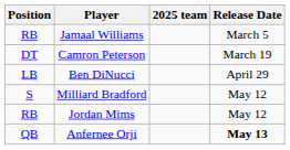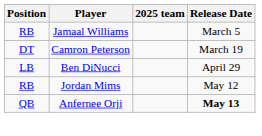 <table class="wikitable" style="text-align:center">
 <tr>
 <th>Position</th>
 <th>Player</th>
 <th>2025 team</th>
 <th>Release Date</th>
 </tr>
 <tr>
 <td><a href='#'>RB</a></td>
 <td><a href='#'>Jamaal Williams</a></td>
 <td></td>
 <td>March 5</td>
 </tr>
 <tr>
 <td><a href='#'>DT</a></td>
 <td><a href='#'>Camron Peterson</a></td>
 <td></td>
 <td>March 19</td>
 </tr>
 <tr>
 <td><a href='#'>LB</a></td>
 <td><a href='#'>Ben DiNucci</a></td>
 <td></td>
 <td>April 29</td>
 </tr>
 <tr>
-<td><a href='#'>S</a></td>
-<td><a href='#'>Milliard Bradford</a></td>
-<td></td>
-<td>May 12</td>
-</tr>
-<tr>
 <td><a href='#'>RB</a></td>
 <td><a href='#'>Jordan Mims</a></td>
 <td></td>
 <td>May 12</td>
 </tr>
 <tr>
 <td><a href='#'>QB</a></td>
 <td><a href='#'>Anfernee Orji</a></td>
 <td></td>
 <td><strong>May 13</strong></td>
 </tr>
 </table>
